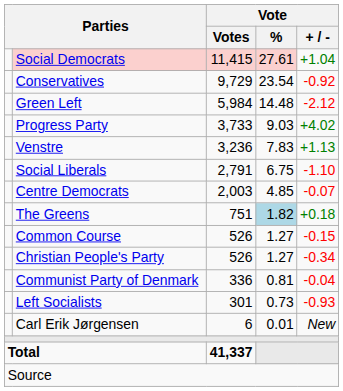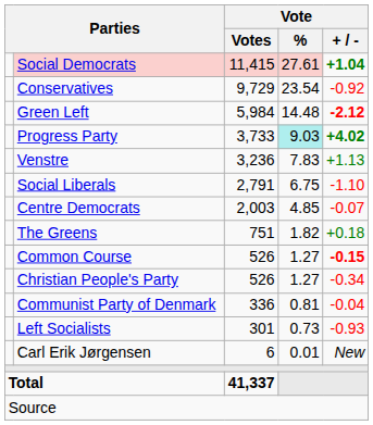 <table class="wikitable" style="text-align:right;">
 <tr>
 <th style="text-align:centre;" rowspan="2" colspan="2" width="225">Parties</th>
 <th colspan="3">Vote</th>
 </tr>
 <tr>
 <th width="15">Votes</th>
 <th width="15">%</th>
 <th width="15">+ / -</th>
 </tr>
 <tr>
 <td width="2" style="color:inherit;background:"></td>
 <td bgcolor=#fbd0ce  align="left"><a href='#'>Social Democrats</a></td>
 <td bgcolor=#fbd0ce>11,415</td>
 <td bgcolor=#fbd0ce>27.61</td>
-<td style=color:green;>+1.04</td>
+<td style=color:green;><strong>+1.04</strong></td>
 </tr>
 <tr>
 <td width="2" style="color:inherit;background:"></td>
 <td align="left"><a href='#'>Conservatives</a></td>
 <td>9,729</td>
 <td>23.54</td>
 <td style=color:red;>-0.92</td>
 </tr>
 <tr>
 <td width="2" style="color:inherit;background:"></td>
 <td align="left"><a href='#'>Green Left</a></td>
 <td>5,984</td>
 <td>14.48</td>
-<td style=color:red;>-2.12</td>
+<td style=color:red;><strong>-2.12</strong></td>
 </tr>
 <tr>
 <td width="2" style="color:inherit;background:"></td>
 <td align="left"><a href='#'>Progress Party</a></td>
 <td>3,733</td>
-<td>9.03</td>
-<td style=color:green;>+4.02</td>
+<td style="background: paleturquoise;">9.03</td>
+<td style=color:green;><strong>+4.02</strong></td>
 </tr>
 <tr>
 <td width="2" style="color:inherit;background:"></td>
 <td align="left"><a href='#'>Venstre</a></td>
 <td>3,236</td>
 <td>7.83</td>
 <td style=color:green;>+1.13</td>
 </tr>
 <tr>
 <td width="2" style="color:inherit;background:"></td>
 <td align="left"><a href='#'>Social Liberals</a></td>
 <td>2,791</td>
 <td>6.75</td>
 <td style=color:red;>-1.10</td>
 </tr>
 <tr>
 <td width="2" style="color:inherit;background:"></td>
 <td align="left"><a href='#'>Centre Democrats</a></td>
 <td>2,003</td>
 <td>4.85</td>
 <td style=color:red;>-0.07</td>
 </tr>
 <tr>
 <td width="2" style="color:inherit;background:"></td>
 <td align="left"><a href='#'>The Greens</a></td>
 <td>751</td>
-<td style="background: lightblue;">1.82</td>
+<td>1.82</td>
 <td style=color:green;>+0.18</td>
 </tr>
 <tr>
 <td width="2" style="color:inherit;background:"></td>
 <td align="left"><a href='#'>Common Course</a></td>
 <td>526</td>
 <td>1.27</td>
-<td style=color:red;>-0.15</td>
+<td style=color:red;><strong>-0.15</strong></td>
 </tr>
 <tr>
 <td width="2" style="color:inherit;background:"></td>
 <td align="left"><a href='#'>Christian People's Party</a></td>
 <td>526</td>
 <td>1.27</td>
 <td style=color:red;>-0.34</td>
 </tr>
 <tr>
 <td width="2" style="color:inherit;background:"></td>
 <td align="left"><a href='#'>Communist Party of Denmark</a></td>
 <td>336</td>
 <td>0.81</td>
 <td style=color:red;>-0.04</td>
 </tr>
 <tr>
 <td width="2" style="color:inherit;background:"></td>
 <td align="left"><a href='#'>Left Socialists</a></td>
 <td>301</td>
 <td>0.73</td>
 <td style=color:red;>-0.93</td>
 </tr>
 <tr>
 <td width="2" style="color:inherit;background:"></td>
 <td align="left">Carl Erik Jørgensen</td>
 <td>6</td>
 <td>0.01</td>
 <td><em>New</em></td>
 </tr>
 <tr>
 <td colspan="7" bgcolor="#E9E9E9"></td>
 </tr>
 <tr>
 <td align="left" colspan="2"><strong>Total</strong></td>
 <td><strong>41,337</strong></td>
 <td bgcolor="#E9E9E9" colspan="2"></td>
 </tr>
 <tr>
 <td align="left" colspan="6">Source</td>
 </tr>
 </table>
